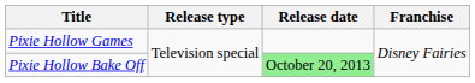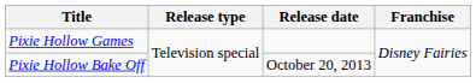 <table class="wikitable sortable">
 <tr>
 <th>Title</th>
 <th>Release type</th>
 <th>Release date</th>
 <th>Franchise</th>
 </tr>
 <tr>
 <td><em><a href='#'>Pixie Hollow Games</a></em></td>
 <td rowspan=2>Television special</td>
 <td></td>
 <td rowspan=2><em>Disney Fairies</em></td>
 </tr>
 <tr>
 <td><em><a href='#'>Pixie Hollow Bake Off</a></em></td>
-<td style="background: lightgreen;">October 20, 2013</td>
+<td>October 20, 2013</td>
 </tr>
 </table>
